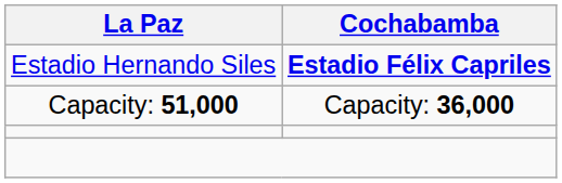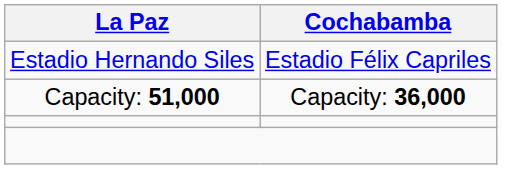 <table class="wikitable" style="text-align:center">
 <tr>
 <th><a href='#'>La Paz</a></th>
 <th><a href='#'>Cochabamba</a></th>
 </tr>
 <tr>
 <td><a href='#'>Estadio Hernando Siles</a></td>
-<td><strong><a href='#'>Estadio Félix Capriles</a></strong></td>
+<td><a href='#'>Estadio Félix Capriles</a></td>
 </tr>
 <tr>
 <td>Capacity: <strong>51,000</strong></td>
 <td>Capacity: <strong>36,000</strong></td>
 </tr>
 <tr>
 <td></td>
 <td></td>
 </tr>
 <tr>
 <td colspan="2" align=center><br></td>
 </tr>
 </table>
